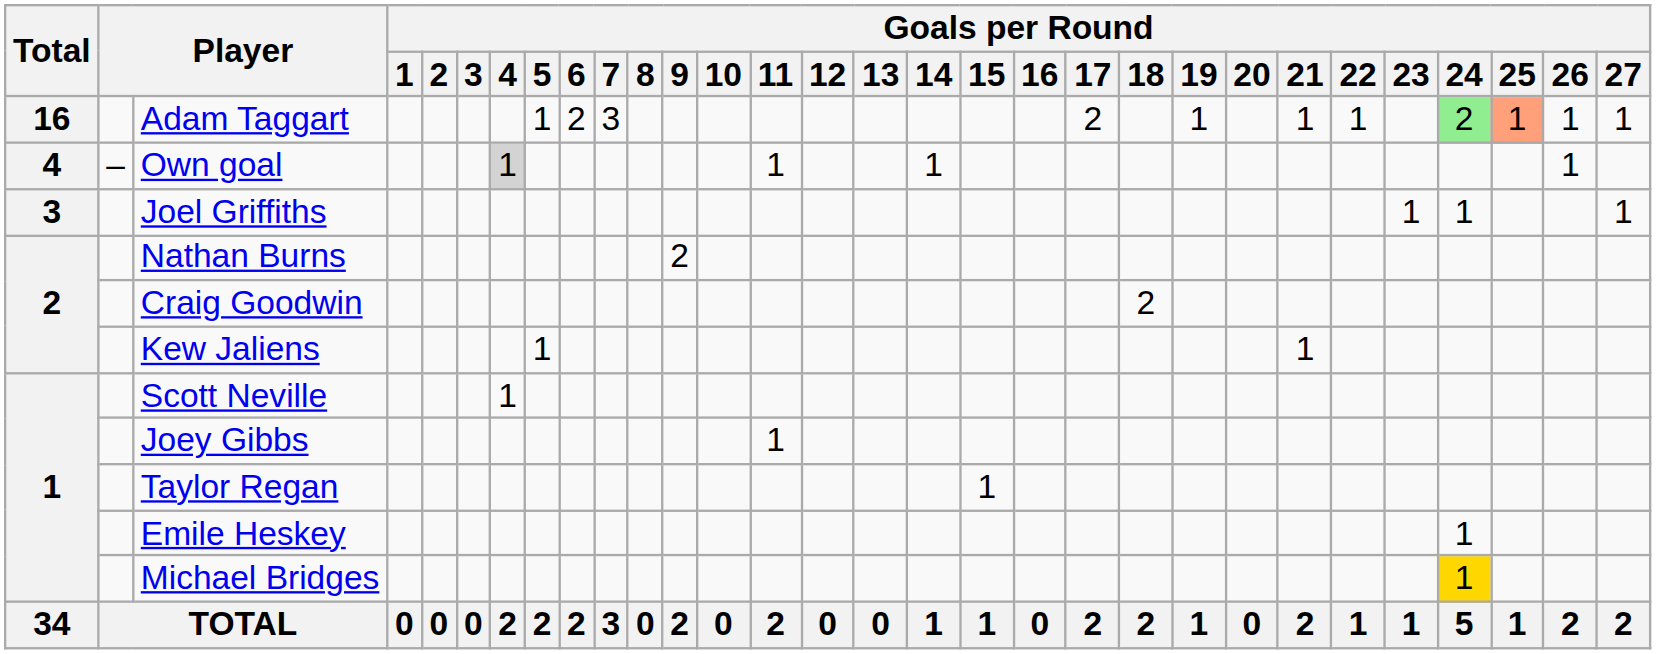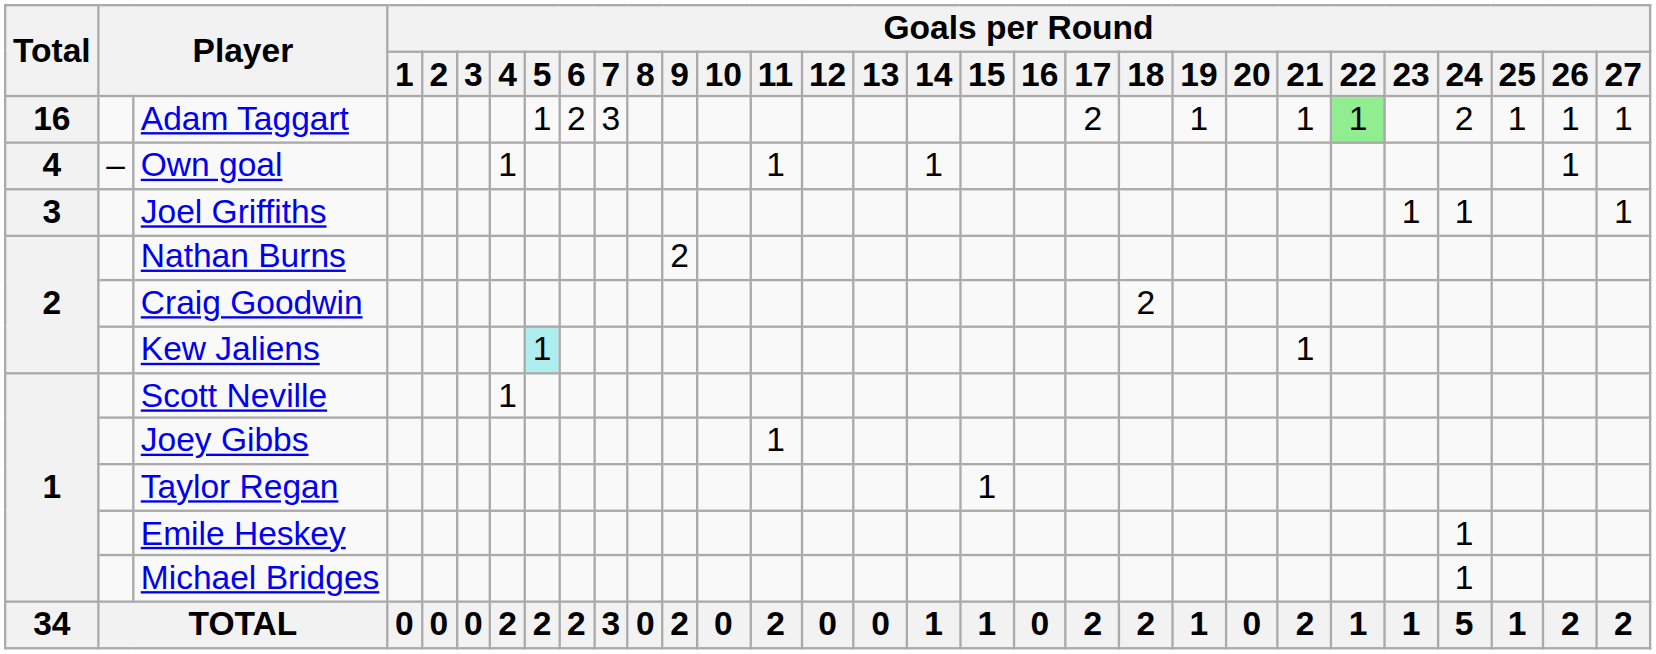 <table class="wikitable" style="text-align:center; line-height: 90%; font-size:90%;">
 <tr>
 <th rowspan=2>Total</th>
 <th rowspan=2 colspan=2>Player</th>
 <th colspan="27">Goals per Round</th>
 </tr>
 <tr>
 <th>1</th>
 <th>2</th>
 <th>3</th>
 <th>4</th>
 <th>5</th>
 <th>6</th>
 <th>7</th>
 <th>8</th>
 <th>9</th>
 <th>10</th>
 <th>11</th>
 <th>12</th>
 <th>13</th>
 <th>14</th>
 <th>15</th>
 <th>16</th>
 <th>17</th>
 <th>18</th>
 <th>19</th>
 <th>20</th>
 <th>21</th>
 <th>22</th>
 <th>23</th>
 <th>24</th>
 <th>25</th>
 <th>26</th>
 <th>27</th>
 </tr>
 <tr>
 <th rowspan=1>16</th>
 <td></td>
 <td style="text-align:left;"><a href='#'>Adam Taggart</a></td>
 <td></td>
 <td></td>
 <td></td>
 <td></td>
 <td>1</td>
 <td>2</td>
 <td>3</td>
 <td></td>
 <td></td>
 <td></td>
 <td></td>
 <td></td>
 <td></td>
 <td></td>
 <td></td>
 <td></td>
 <td>2</td>
 <td></td>
 <td>1</td>
 <td></td>
 <td>1</td>
+<td style="background: lightgreen;">1</td>
+<td></td>
+<td>2</td>
 <td>1</td>
-<td></td>
-<td style="background: lightgreen;">2</td>
-<td style="background: lightsalmon;">1</td>
 <td>1</td>
 <td>1</td>
 </tr>
 <tr>
 <th rowspan=1>4</th>
 <td>–</td>
 <td style="text-align:left;"><a href='#'>Own goal</a></td>
 <td></td>
 <td></td>
 <td></td>
-<td style="background: lightgrey;">1</td>
+<td>1</td>
 <td></td>
 <td></td>
 <td></td>
 <td></td>
 <td></td>
 <td></td>
 <td>1</td>
 <td></td>
 <td></td>
 <td>1</td>
 <td></td>
 <td></td>
 <td></td>
 <td></td>
 <td></td>
 <td></td>
 <td></td>
 <td></td>
 <td></td>
 <td></td>
 <td></td>
 <td>1</td>
 <td></td>
 </tr>
 <tr>
 <th rowspan=1>3</th>
 <td></td>
 <td style="text-align:left;"><a href='#'>Joel Griffiths</a></td>
 <td></td>
 <td></td>
 <td></td>
 <td></td>
 <td></td>
 <td></td>
 <td></td>
 <td></td>
 <td></td>
 <td></td>
 <td></td>
 <td></td>
 <td></td>
 <td></td>
 <td></td>
 <td></td>
 <td></td>
 <td></td>
 <td></td>
 <td></td>
 <td></td>
 <td></td>
 <td>1</td>
 <td>1</td>
 <td></td>
 <td></td>
 <td>1</td>
 </tr>
 <tr>
 <th rowspan=3>2</th>
 <td></td>
 <td style="text-align:left;"><a href='#'>Nathan Burns</a></td>
 <td></td>
 <td></td>
 <td></td>
 <td></td>
 <td></td>
 <td></td>
 <td></td>
 <td></td>
 <td>2</td>
 <td></td>
 <td></td>
 <td></td>
 <td></td>
 <td></td>
 <td></td>
 <td></td>
 <td></td>
 <td></td>
 <td></td>
 <td></td>
 <td></td>
 <td></td>
 <td></td>
 <td></td>
 <td></td>
 <td></td>
 <td></td>
 </tr>
 <tr>
 <td></td>
 <td style="text-align:left;"><a href='#'>Craig Goodwin</a></td>
 <td></td>
 <td></td>
 <td></td>
 <td></td>
 <td></td>
 <td></td>
 <td></td>
 <td></td>
 <td></td>
 <td></td>
 <td></td>
 <td></td>
 <td></td>
 <td></td>
 <td></td>
 <td></td>
 <td></td>
 <td>2</td>
 <td></td>
 <td></td>
 <td></td>
 <td></td>
 <td></td>
 <td></td>
 <td></td>
 <td></td>
 <td></td>
 </tr>
 <tr>
 <td></td>
 <td style="text-align:left;"><a href='#'>Kew Jaliens</a></td>
 <td></td>
 <td></td>
 <td></td>
 <td></td>
-<td>1</td>
+<td style="background: paleturquoise;">1</td>
 <td></td>
 <td></td>
 <td></td>
 <td></td>
 <td></td>
 <td></td>
 <td></td>
 <td></td>
 <td></td>
 <td></td>
 <td></td>
 <td></td>
 <td></td>
 <td></td>
 <td></td>
 <td>1</td>
 <td></td>
 <td></td>
 <td></td>
 <td></td>
 <td></td>
 <td></td>
 </tr>
 <tr>
 <th rowspan=5>1</th>
 <td></td>
 <td style="text-align:left;"><a href='#'>Scott Neville</a></td>
 <td></td>
 <td></td>
 <td></td>
 <td>1</td>
 <td></td>
 <td></td>
 <td></td>
 <td></td>
 <td></td>
 <td></td>
 <td></td>
 <td></td>
 <td></td>
 <td></td>
 <td></td>
 <td></td>
 <td></td>
 <td></td>
 <td></td>
 <td></td>
 <td></td>
 <td></td>
 <td></td>
 <td></td>
 <td></td>
 <td></td>
 <td></td>
 </tr>
 <tr>
 <td></td>
 <td style="text-align:left;"><a href='#'>Joey Gibbs</a></td>
 <td></td>
 <td></td>
 <td></td>
 <td></td>
 <td></td>
 <td></td>
 <td></td>
 <td></td>
 <td></td>
 <td></td>
 <td>1</td>
 <td></td>
 <td></td>
 <td></td>
 <td></td>
 <td></td>
 <td></td>
 <td></td>
 <td></td>
 <td></td>
 <td></td>
 <td></td>
 <td></td>
 <td></td>
 <td></td>
 <td></td>
 <td></td>
 </tr>
 <tr>
 <td></td>
 <td style="text-align:left;"><a href='#'>Taylor Regan</a></td>
 <td></td>
 <td></td>
 <td></td>
 <td></td>
 <td></td>
 <td></td>
 <td></td>
 <td></td>
 <td></td>
 <td></td>
 <td></td>
 <td></td>
 <td></td>
 <td></td>
 <td>1</td>
 <td></td>
 <td></td>
 <td></td>
 <td></td>
 <td></td>
 <td></td>
 <td></td>
 <td></td>
 <td></td>
 <td></td>
 <td></td>
 <td></td>
 </tr>
 <tr>
 <td></td>
 <td style="text-align:left;"><a href='#'>Emile Heskey</a></td>
 <td></td>
 <td></td>
 <td></td>
 <td></td>
 <td></td>
 <td></td>
 <td></td>
 <td></td>
 <td></td>
 <td></td>
 <td></td>
 <td></td>
 <td></td>
 <td></td>
 <td></td>
 <td></td>
 <td></td>
 <td></td>
 <td></td>
 <td></td>
 <td></td>
 <td></td>
 <td></td>
 <td>1</td>
 <td></td>
 <td></td>
 <td></td>
 </tr>
 <tr>
 <td></td>
 <td style="text-align:left;"><a href='#'>Michael Bridges</a></td>
 <td></td>
 <td></td>
 <td></td>
 <td></td>
 <td></td>
 <td></td>
 <td></td>
 <td></td>
 <td></td>
 <td></td>
 <td></td>
 <td></td>
 <td></td>
 <td></td>
 <td></td>
 <td></td>
 <td></td>
 <td></td>
 <td></td>
 <td></td>
 <td></td>
 <td></td>
 <td></td>
-<td style="background: gold;">1</td>
+<td>1</td>
 <td></td>
 <td></td>
 <td></td>
 </tr>
 <tr>
 <th rowspan=1>34</th>
 <th colspan=2>TOTAL</th>
 <th style="text-align:center;">0</th>
 <th>0</th>
 <th>0</th>
 <th>2</th>
 <th>2</th>
 <th>2</th>
 <th>3</th>
 <th>0</th>
 <th>2</th>
 <th>0</th>
 <th>2</th>
 <th>0</th>
 <th>0</th>
 <th>1</th>
 <th>1</th>
 <th>0</th>
 <th>2</th>
 <th>2</th>
 <th>1</th>
 <th>0</th>
 <th>2</th>
 <th>1</th>
 <th>1</th>
 <th>5</th>
 <th>1</th>
 <th>2</th>
 <th>2</th>
 </tr>
 </table>
